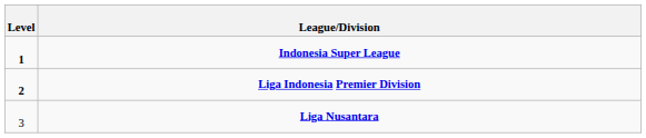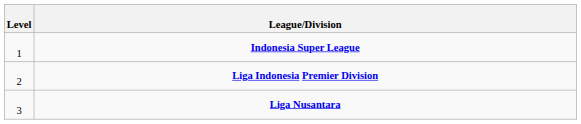 <table class="wikitable" style="text-align: center;">
 <tr>
 <th colspan="1" width="4%"><br>Level</th>
 <th colspan="18" width="96%"><br>League/Division</th>
 </tr>
 <tr>
-<td colspan="1" width="4%"><strong><br>1</strong></td>
+<td colspan="1" width="4%"><br>1</td>
 <td colspan="18" width="96%"><strong><a href='#'>Indonesia Super League</a></strong></td>
 </tr>
 <tr>
-<td colspan="1" width="4%"><strong><br>2</strong></td>
+<td colspan="1" width="4%"><br>2</td>
 <td colspan="18" width="96%"><strong><a href='#'>Liga Indonesia</a> <a href='#'>Premier Division</a></strong></td>
 </tr>
 <tr>
 <td colspan="1" width="4%"><br>3</td>
 <td colspan="18" width="96%"><strong><a href='#'>Liga Nusantara</a></strong></td>
 </tr>
 </table>
